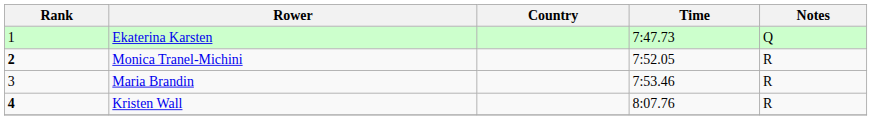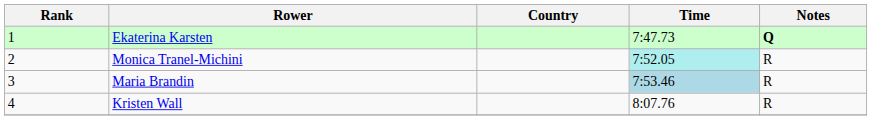 <table class="wikitable sortable" width=50%>
 <tr>
 <th>Rank</th>
 <th>Rower</th>
 <th>Country</th>
 <th>Time</th>
 <th>Notes</th>
 </tr>
 <tr bgcolor=ccffcc>
 <td>1</td>
 <td><a href='#'>Ekaterina Karsten</a></td>
 <td></td>
 <td>7:47.73</td>
-<td>Q</td>
+<td><strong>Q</strong></td>
 </tr>
 <tr>
-<td><strong>2</strong></td>
+<td>2</td>
 <td><a href='#'>Monica Tranel-Michini</a></td>
 <td></td>
-<td>7:52.05</td>
+<td style="background: paleturquoise;">7:52.05</td>
 <td>R</td>
 </tr>
 <tr>
 <td>3</td>
 <td><a href='#'>Maria Brandin</a></td>
 <td></td>
-<td>7:53.46</td>
+<td style="background: lightblue;">7:53.46</td>
 <td>R</td>
 </tr>
 <tr>
-<td><strong>4</strong></td>
+<td>4</td>
 <td><a href='#'>Kristen Wall</a></td>
 <td></td>
 <td>8:07.76</td>
 <td>R</td>
 </tr>
 <tr>
 </tr>
 </table>
